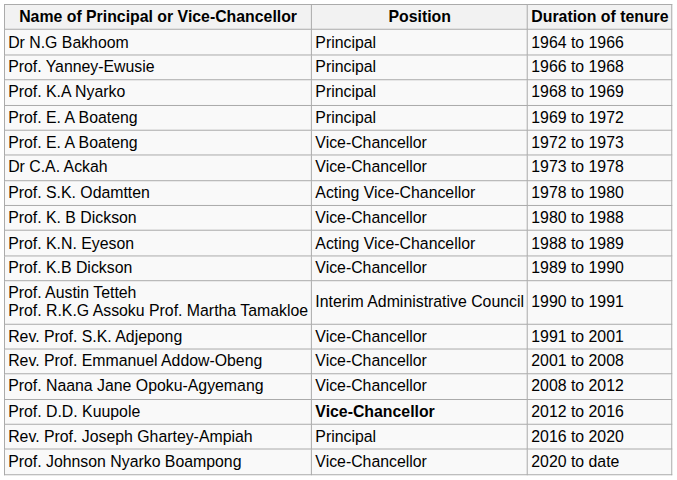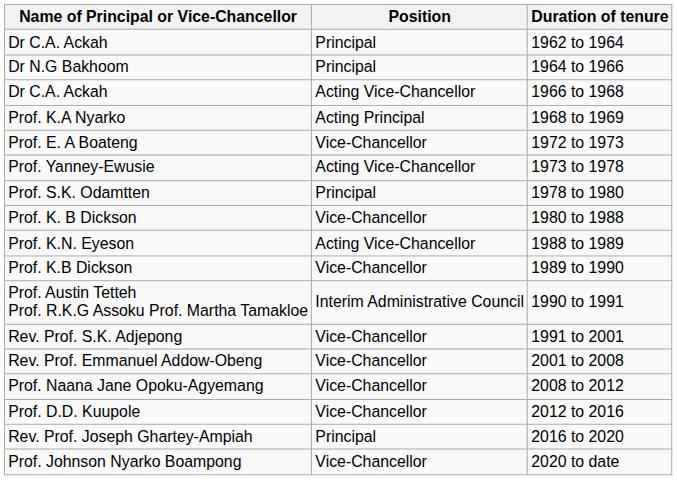 <table class="wikitable">
 <tr>
 <th>Name of Principal or Vice-Chancellor</th>
 <th>Position</th>
 <th>Duration of tenure</th>
 </tr>
 <tr>
+<td>Dr C.A. Ackah</td>
+<td>Principal</td>
+<td>1962 to 1964</td>
+</tr>
+<tr>
 <td>Dr N.G Bakhoom</td>
 <td>Principal</td>
 <td>1964 to 1966</td>
 </tr>
 <tr>
-<td>Prof. Yanney-Ewusie</td>
-<td>Principal</td>
+<td>Dr C.A. Ackah</td>
+<td>Acting Vice-Chancellor</td>
 <td>1966 to 1968</td>
 </tr>
 <tr>
 <td>Prof. K.A Nyarko</td>
-<td>Principal</td>
+<td>Acting Principal</td>
 <td>1968 to 1969</td>
-</tr>
-<tr>
-<td>Prof. E. A Boateng</td>
-<td>Principal</td>
-<td>1969 to 1972</td>
 </tr>
 <tr>
 <td>Prof. E. A Boateng</td>
 <td>Vice-Chancellor</td>
 <td>1972 to 1973</td>
 </tr>
 <tr>
-<td>Dr C.A. Ackah</td>
-<td>Vice-Chancellor</td>
+<td>Prof. Yanney-Ewusie</td>
+<td>Acting Vice-Chancellor</td>
 <td>1973 to 1978</td>
 </tr>
 <tr>
 <td>Prof. S.K. Odamtten</td>
-<td>Acting Vice-Chancellor</td>
+<td>Principal</td>
 <td>1978 to 1980</td>
 </tr>
 <tr>
 <td>Prof. K. B Dickson</td>
 <td>Vice-Chancellor</td>
 <td>1980 to 1988</td>
 </tr>
 <tr>
 <td>Prof. K.N. Eyeson</td>
 <td>Acting Vice-Chancellor</td>
 <td>1988 to 1989</td>
 </tr>
 <tr>
 <td>Prof. K.B Dickson</td>
 <td>Vice-Chancellor</td>
 <td>1989 to 1990</td>
 </tr>
 <tr>
 <td>Prof. Austin Tetteh<br>Prof. R.K.G Assoku Prof. Martha Tamakloe</td>
 <td>Interim Administrative Council</td>
 <td>1990 to 1991</td>
 </tr>
 <tr>
 <td>Rev. Prof. S.K. Adjepong</td>
 <td>Vice-Chancellor</td>
 <td>1991 to 2001</td>
 </tr>
 <tr>
 <td>Rev. Prof. Emmanuel Addow-Obeng</td>
 <td>Vice-Chancellor</td>
 <td>2001 to 2008</td>
 </tr>
 <tr>
 <td>Prof. Naana Jane Opoku-Agyemang</td>
 <td>Vice-Chancellor</td>
 <td>2008 to 2012</td>
 </tr>
 <tr>
 <td>Prof. D.D. Kuupole</td>
-<td><strong>Vice-Chancellor</strong></td>
+<td>Vice-Chancellor</td>
 <td>2012 to 2016</td>
 </tr>
 <tr>
 <td>Rev. Prof. Joseph Ghartey-Ampiah</td>
 <td>Principal</td>
 <td>2016 to 2020</td>
 </tr>
 <tr>
 <td>Prof. Johnson Nyarko Boampong</td>
 <td>Vice-Chancellor</td>
 <td>2020 to date</td>
 </tr>
 </table>
